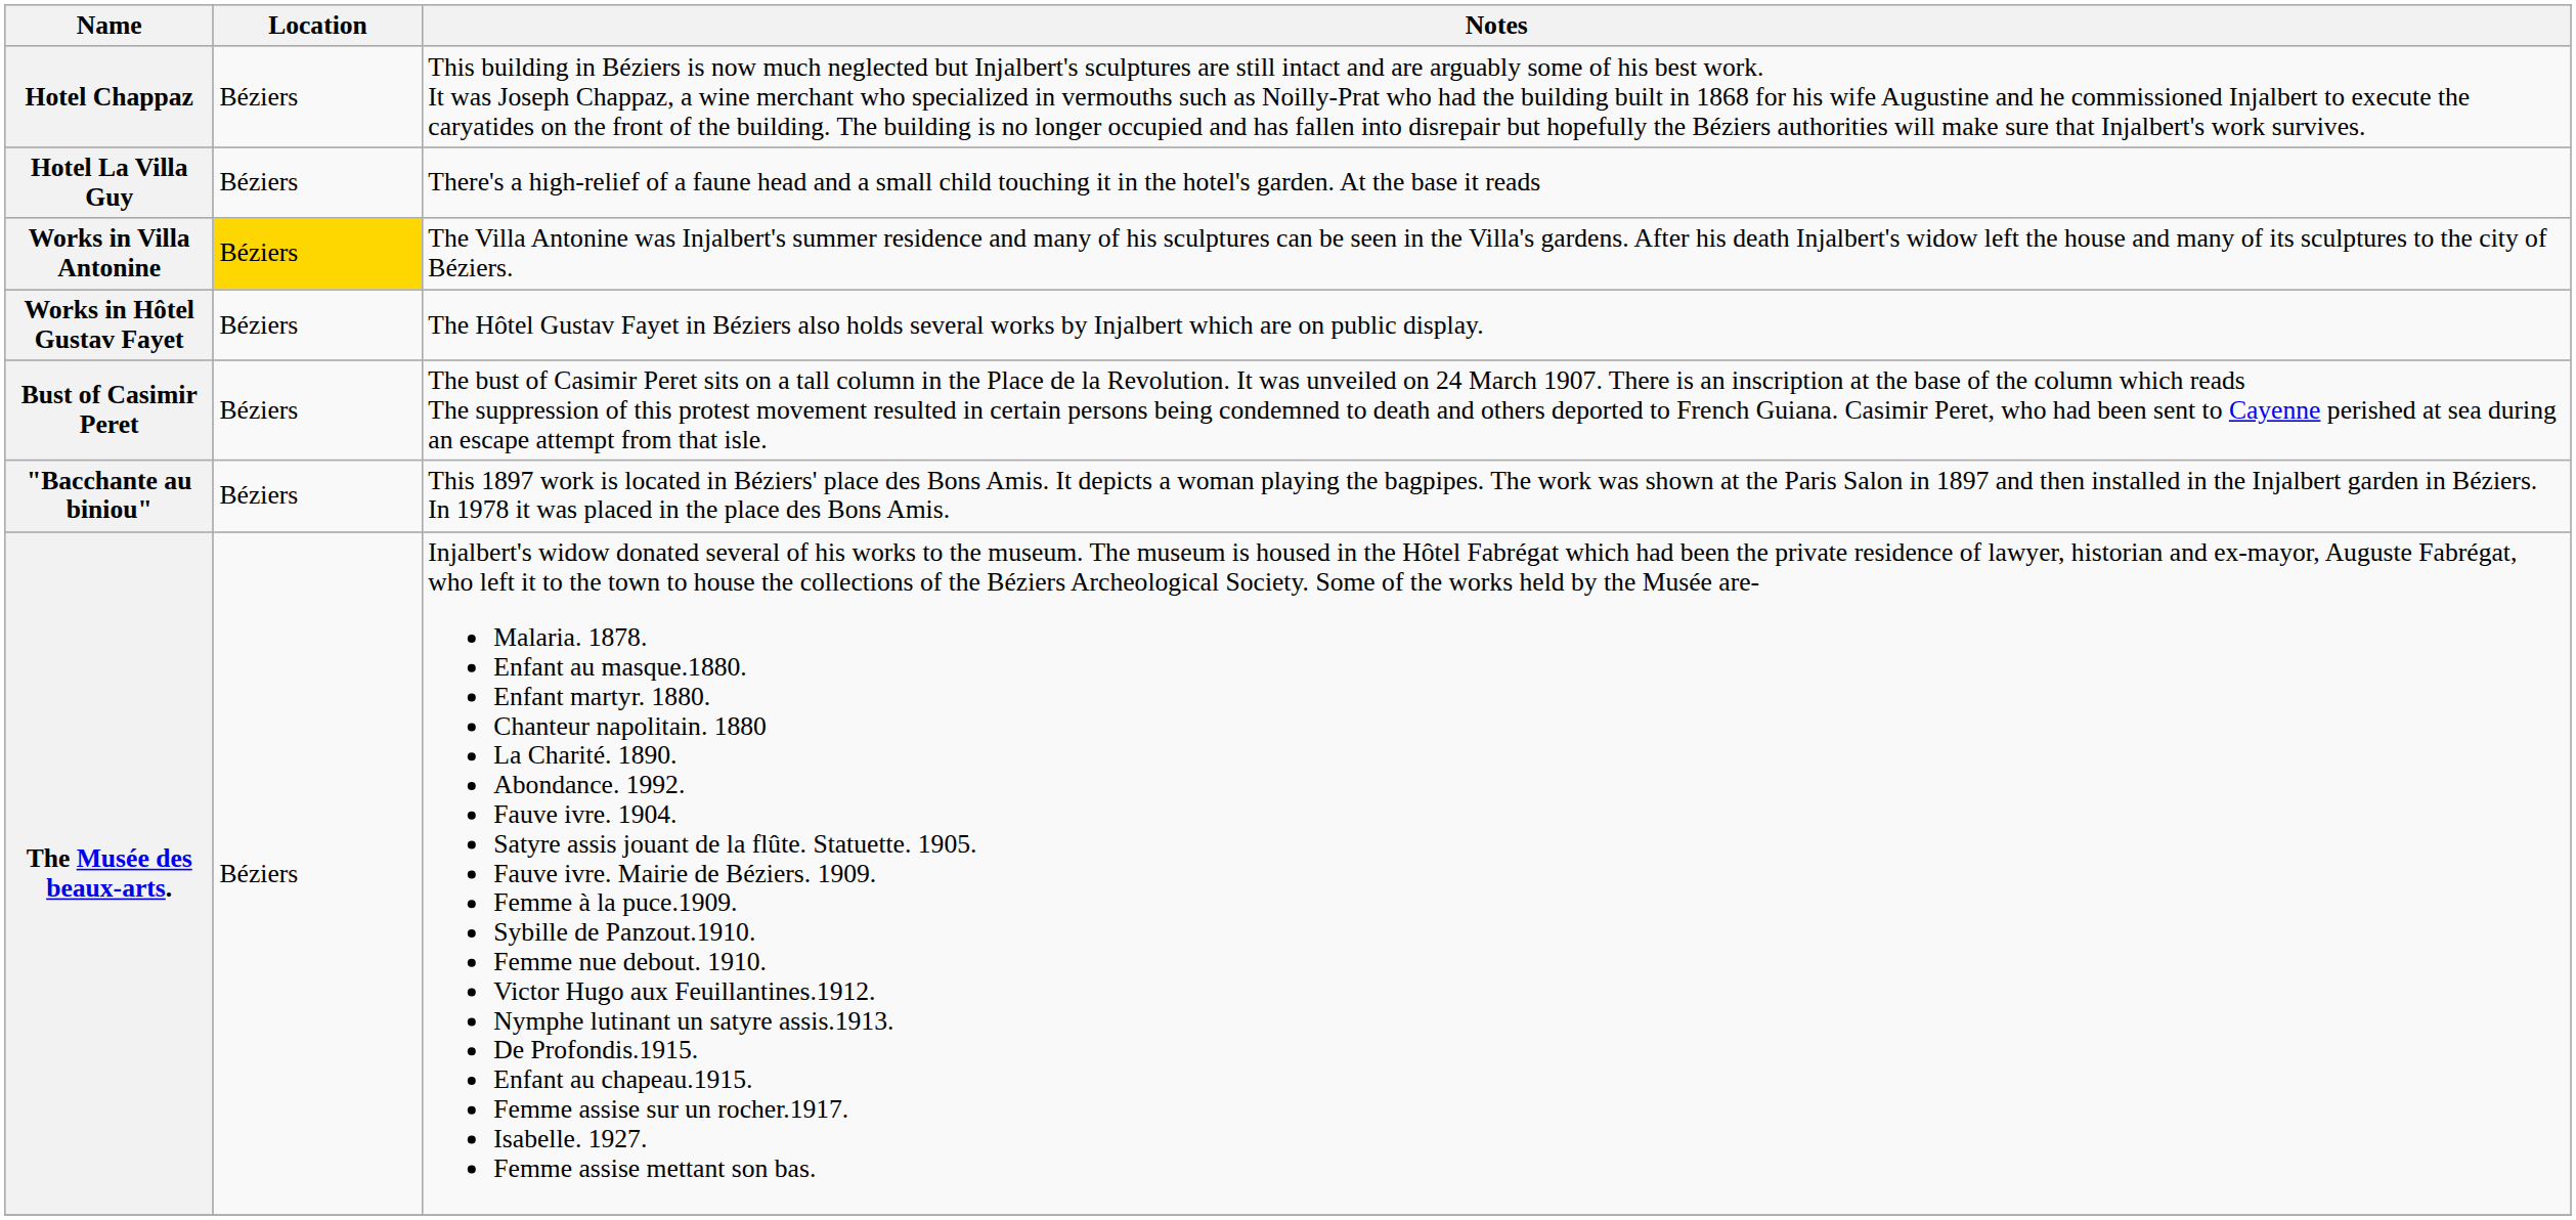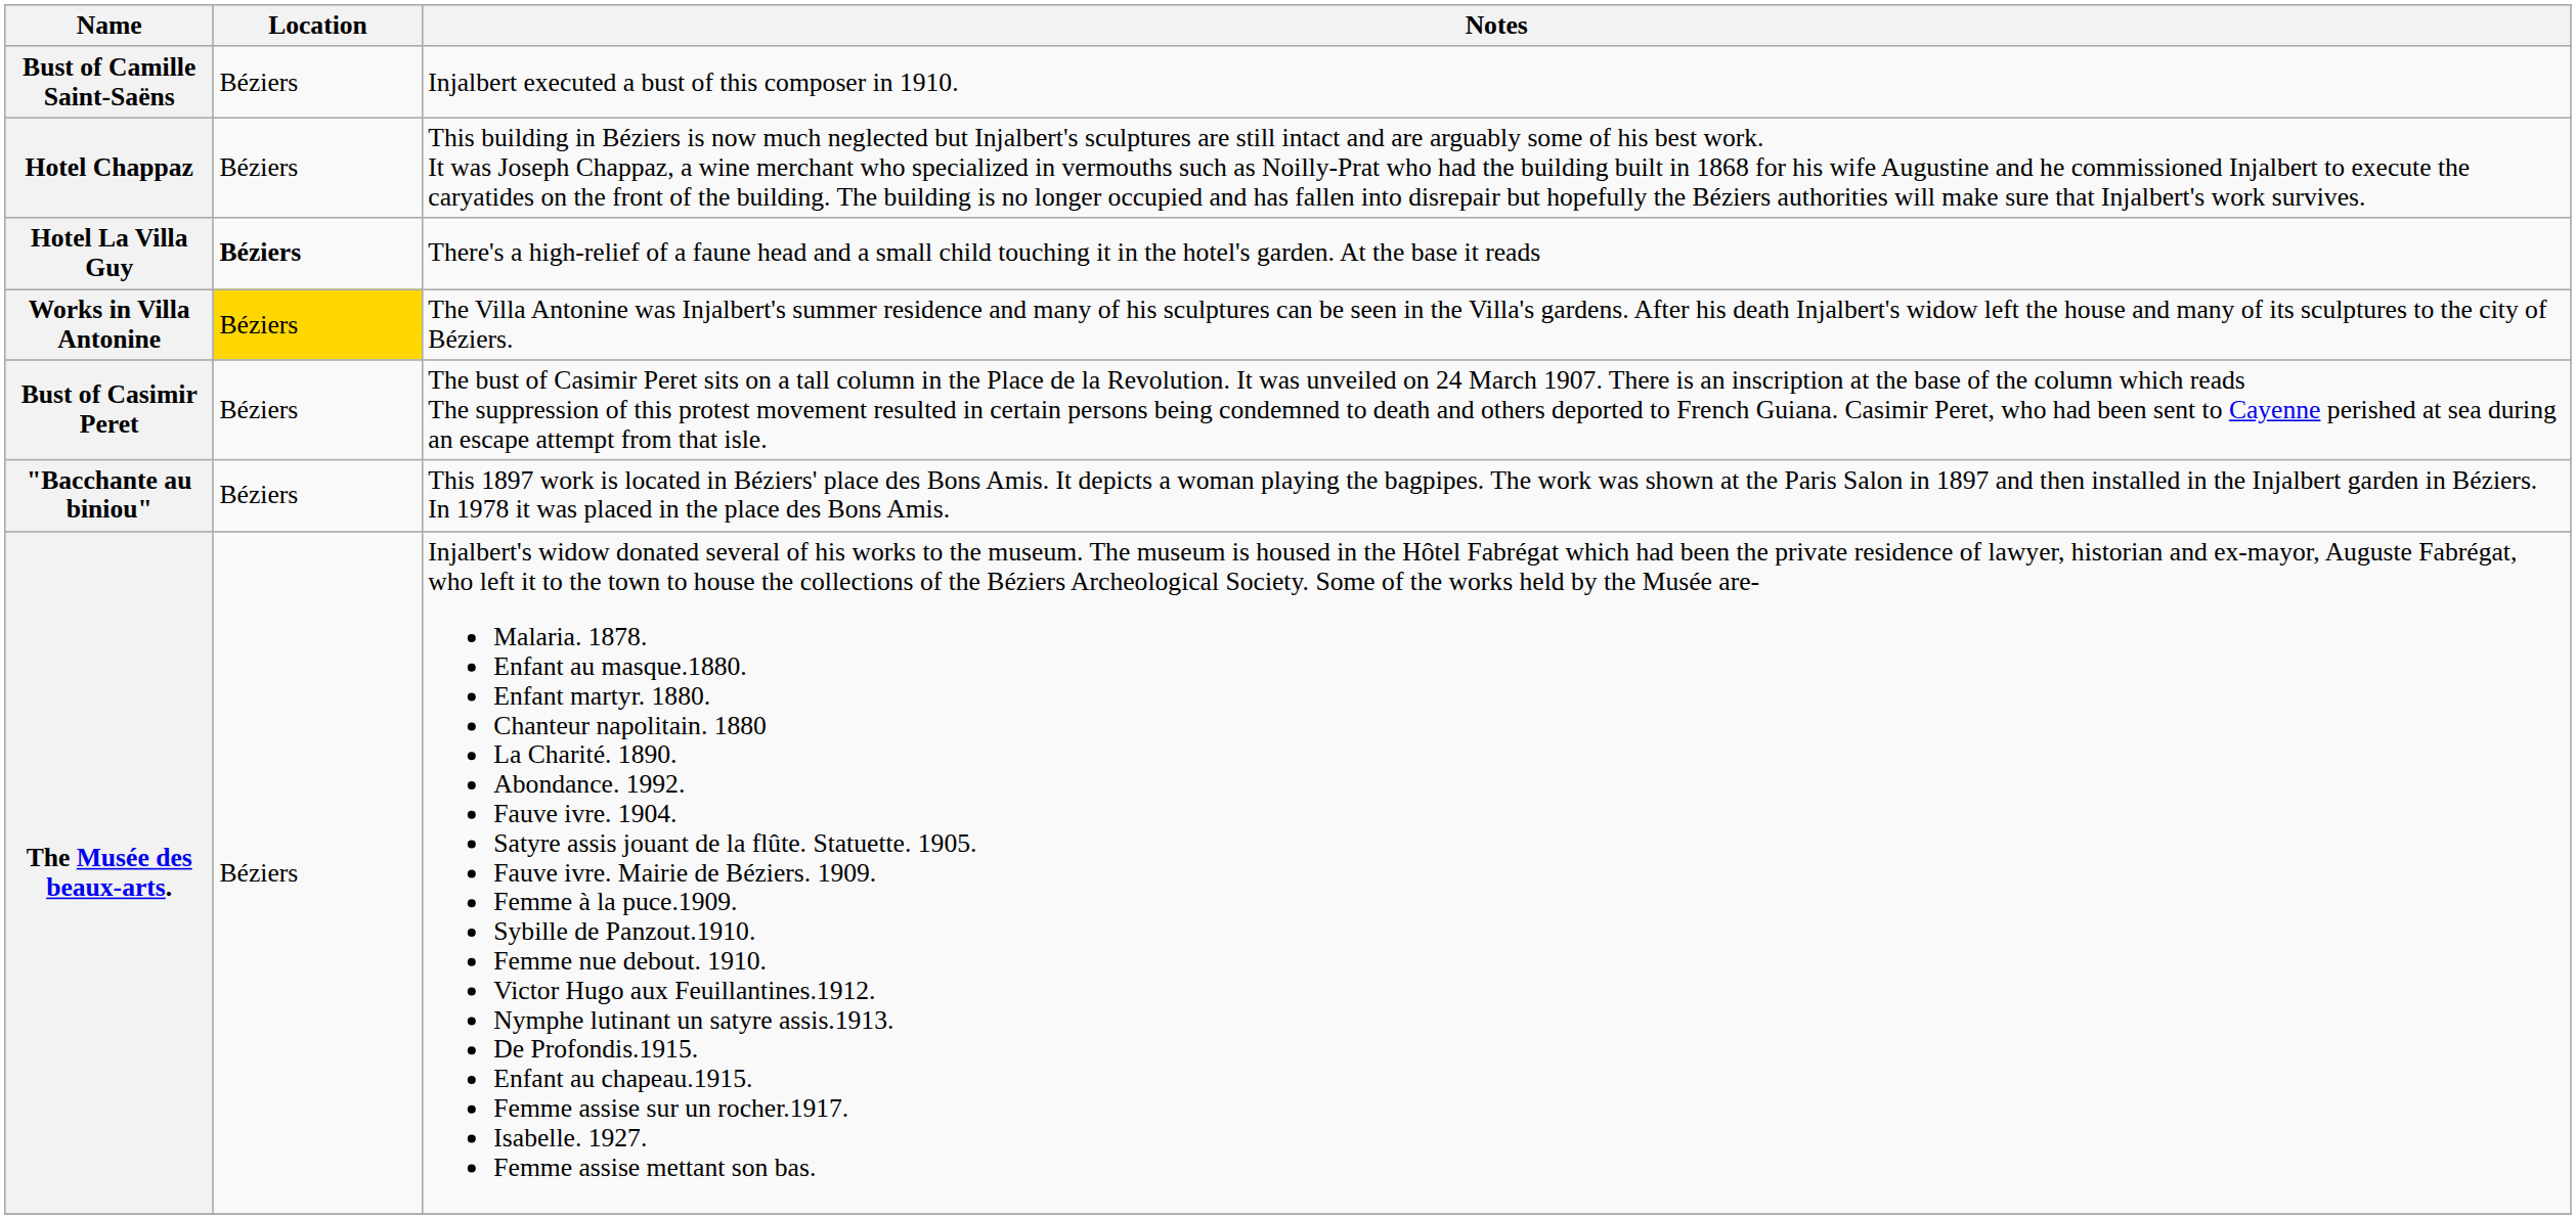 <table class="wikitable sortable plainrowheaders">
 <tr>
 <th scope="col" style="width:120px">Name</th>
 <th scope="col" style="width:120px">Location</th>
 <th scope="col" class="unsortable">Notes</th>
+</tr>
+<tr>
+<th scope="row">Bust of Camille Saint-Saëns</th>
+<td>Béziers<br></td>
+<td>Injalbert executed a bust of this composer in 1910.<br></td>
 </tr>
 <tr>
 <th scope="row">Hotel Chappaz</th>
 <td>Béziers<br></td>
 <td>This building in Béziers is now much neglected but Injalbert's sculptures are still intact and are arguably some of his best work.<br> It was Joseph Chappaz, a wine merchant who specialized in vermouths such as Noilly-Prat who had the building built in 1868 for his wife Augustine and he commissioned Injalbert to execute the caryatides on the front of the building.  The building is no longer occupied and has fallen into disrepair but hopefully the Béziers authorities will make sure that Injalbert's work survives. </td>
 </tr>
 <tr>
 <th scope="row">Hotel La Villa Guy</th>
-<td>Béziers<br></td>
+<td><strong>Béziers<br></strong></td>
 <td>There's a high-relief of a faune head and a small child touching it in the hotel's garden. At the base it reads </td>
 </tr>
 <tr>
 <th scope="row">Works in Villa Antonine</th>
 <td style="background: gold;">Béziers<br></td>
 <td>The Villa Antonine was Injalbert's summer residence and many of his sculptures can be seen in the Villa's gardens.  After his death Injalbert's widow left the house and many of its sculptures to the city of Béziers.<br>  </td>
-</tr>
-<tr>
-<th scope="row">Works in Hôtel Gustav Fayet</th>
-<td>Béziers<br></td>
-<td>The Hôtel Gustav Fayet in Béziers also holds several works by Injalbert which are on public display.<br></td>
 </tr>
 <tr>
 <th scope="row">Bust of Casimir Peret</th>
 <td>Béziers<br></td>
 <td>The bust of Casimir Peret sits on a tall column in the Place de la Revolution.  It was unveiled on 24 March 1907.  There is an inscription at the base of the column which reads <br>The suppression of this protest movement resulted in certain persons being condemned to death and others deported to French Guiana.  Casimir Peret, who had been sent to <a href='#'>Cayenne</a> perished at sea during an escape attempt from that isle.   </td>
 </tr>
 <tr>
 <th scope="row">"Bacchante au biniou"</th>
 <td>Béziers<br></td>
 <td>This 1897 work is located in Béziers' place des Bons Amis.  It depicts a woman playing the bagpipes.  The work was shown at the Paris Salon in 1897 and then installed in the Injalbert garden in Béziers.  In 1978 it was placed in the place des Bons Amis.<br></td>
 </tr>
 <tr>
 <th scope="row">The <a href='#'>Musée des beaux-arts</a>.</th>
 <td>Béziers<br></td>
 <td>Injalbert's widow donated several of his works to the museum.  The museum is housed in the Hôtel Fabrégat which had been the private residence of lawyer, historian and ex-mayor, Auguste Fabrégat, who left it to the town to house the collections of the Béziers Archeological Society. Some of the works held by the Musée are-<br><ul><li>Malaria. 1878.</li><li>Enfant au masque.1880.</li><li>Enfant martyr. 1880.</li><li>Chanteur napolitain. 1880</li><li>La Charité. 1890.</li><li>Abondance. 1992.</li><li>Fauve ivre. 1904.</li><li>Satyre assis jouant de la flûte. Statuette. 1905.</li><li>Fauve ivre. Mairie de Béziers. 1909.</li><li>Femme à la puce.1909.</li><li>Sybille de Panzout.1910.</li><li>Femme nue debout. 1910.</li><li>Victor Hugo aux Feuillantines.1912.</li><li>Nymphe lutinant un satyre assis.1913.</li><li>De Profondis.1915.</li><li>Enfant au chapeau.1915.</li><li>Femme assise sur un rocher.1917.</li><li>Isabelle. 1927.</li><li>Femme assise mettant son bas.</li></ul></td>
 </tr>
 <tr>
 </tr>
 </table>
